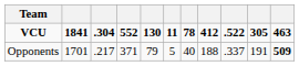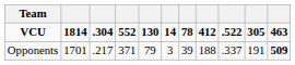 <table class="wikitable sortable">
 <tr>
 <th>Team</th>
 <th></th>
 <th></th>
 <th></th>
 <th></th>
 <th></th>
 <th></th>
 <th></th>
 <th></th>
 <th></th>
 <th></th>
 </tr>
 <tr style="text-align:center;">
 <td><strong>VCU</strong></td>
-<td><strong>1841</strong></td>
+<td><strong>1814</strong></td>
 <td><strong>.304</strong></td>
 <td><strong>552</strong></td>
 <td><strong>130</strong></td>
-<td><strong>11</strong></td>
+<td><strong>14</strong></td>
 <td><strong>78</strong></td>
 <td><strong>412</strong></td>
 <td><strong>.522</strong></td>
 <td><strong>305</strong></td>
 <td><strong>463</strong></td>
 </tr>
 <tr style="text-align:center;">
 <td>Opponents</td>
 <td>1701</td>
 <td>.217</td>
 <td>371</td>
 <td>79</td>
-<td>5</td>
-<td>40</td>
+<td>3</td>
+<td>39</td>
 <td>188</td>
 <td>.337</td>
 <td>191</td>
 <td><strong>509</strong></td>
 </tr>
 </table>
